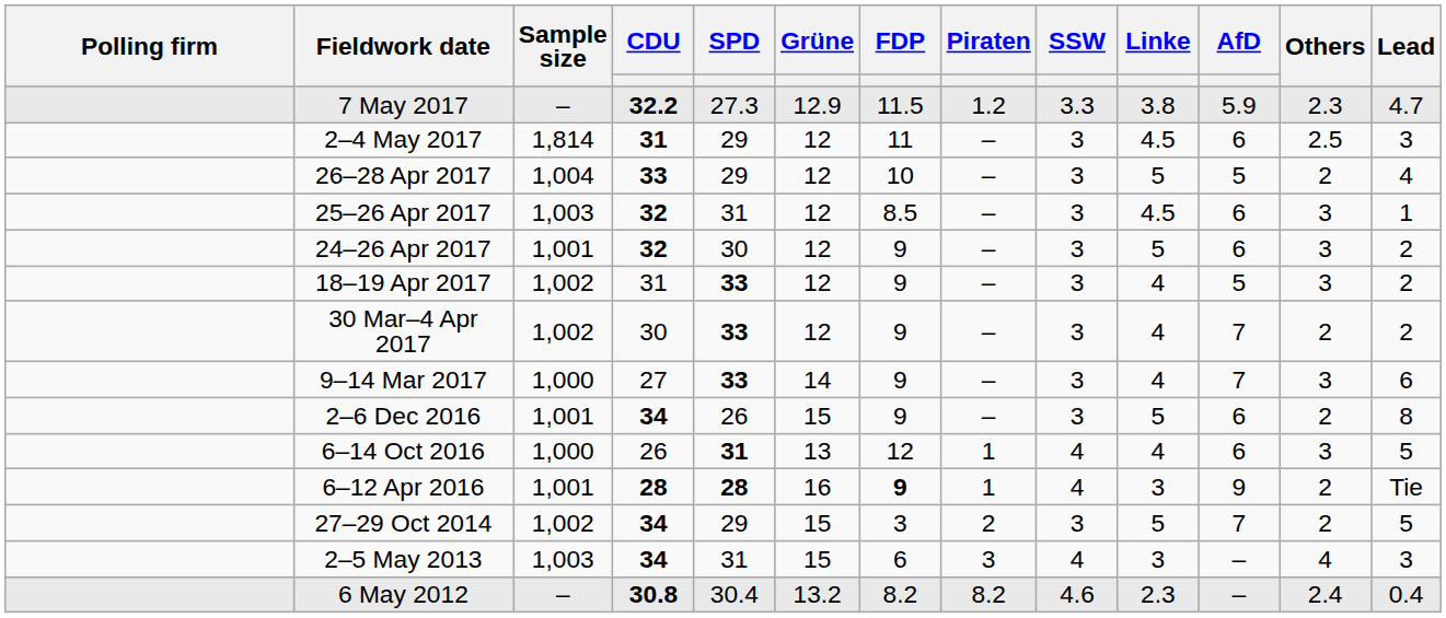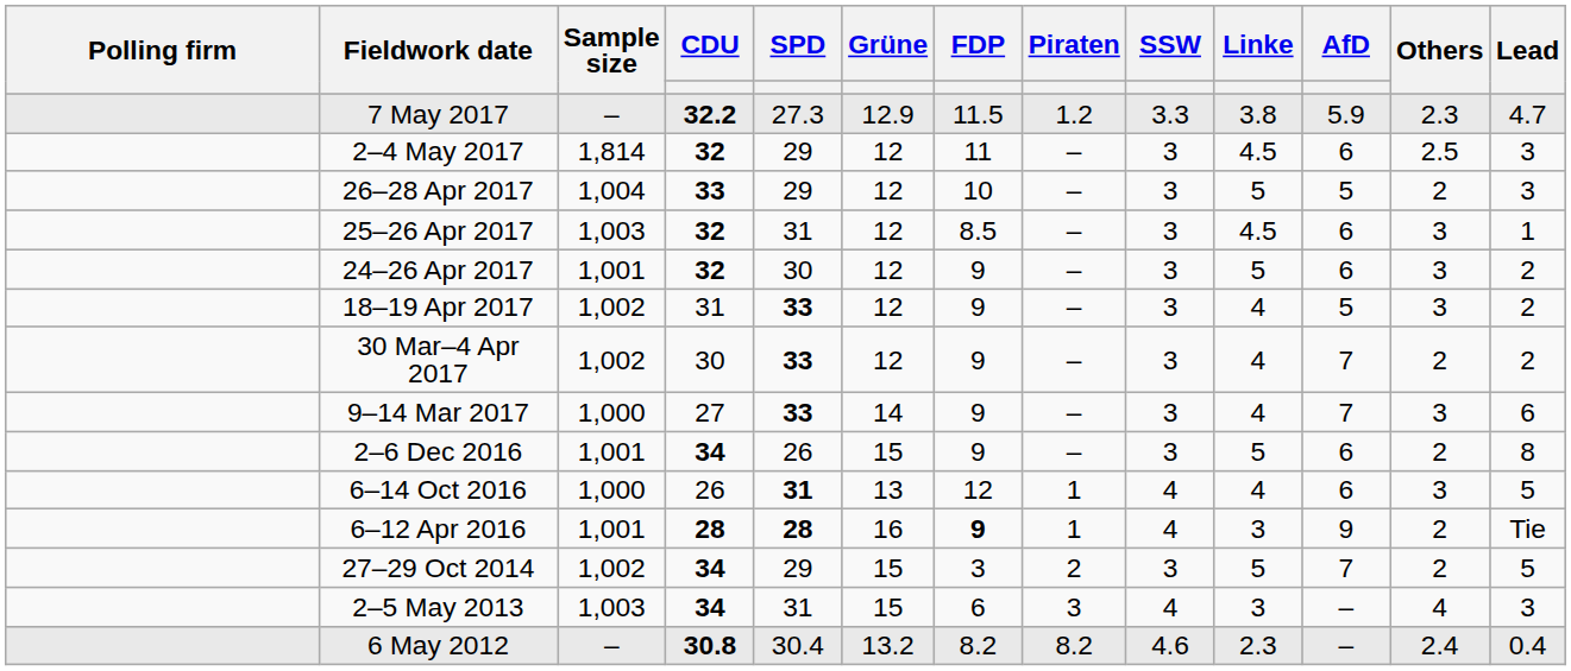 <table class="wikitable sortable" style="text-align:center;font-size:90%;line-height:14px;">
 <tr style="height:40px;">
 <th style="width:160px;" rowspan="2">Polling firm</th>
 <th style="width:120px;" rowspan="2">Fieldwork date</th>
 <th style="width:35px;" rowspan="2">Sample<br>size</th>
 <th class="unsortable" style="width:40px;"><a href='#'>CDU</a></th>
 <th class="unsortable" style="width:40px;"><a href='#'>SPD</a></th>
 <th class="unsortable" style="width:40px;"><a href='#'>Grüne</a></th>
 <th class="unsortable" style="width:40px;"><a href='#'>FDP</a></th>
 <th class="unsortable" style="width:40px;"><a href='#'>Piraten</a></th>
 <th class="unsortable" style="width:40px;"><a href='#'>SSW</a></th>
 <th class="unsortable" style="width:40px;"><a href='#'>Linke</a></th>
 <th class="unsortable" style="width:40px;"><a href='#'>AfD</a></th>
 <th class="unsortable" style="width:40px;" rowspan="2">Others</th>
 <th style="width:30px;" rowspan="2">Lead</th>
 </tr>
 <tr>
 <th style="background:"></th>
 <th style="background:"></th>
 <th style="background:"></th>
 <th style="background:"></th>
 <th style="background:"></th>
 <th style="background:"></th>
 <th style="background:"></th>
 <th style="background:"></th>
 </tr>
 <tr style="background:#E9E9E9;">
 <td></td>
 <td data-sort-value="2017-05-07">7 May 2017</td>
 <td>–</td>
 <td><strong>32.2</strong></td>
 <td>27.3</td>
 <td>12.9</td>
 <td>11.5</td>
 <td>1.2</td>
 <td>3.3</td>
 <td>3.8</td>
 <td>5.9</td>
 <td>2.3</td>
 <td style="background:">4.7</td>
 </tr>
 <tr>
 <td></td>
 <td data-sort-value="2017-05-04">2–4 May 2017</td>
 <td>1,814</td>
-<td><strong>31</strong></td>
+<td><strong>32</strong></td>
 <td>29</td>
 <td>12</td>
 <td>11</td>
 <td>–</td>
 <td>3</td>
 <td>4.5</td>
 <td>6</td>
 <td>2.5</td>
 <td style="background:">3</td>
 </tr>
 <tr>
 <td></td>
 <td data-sort-value="2017-04-29">26–28 Apr 2017</td>
 <td>1,004</td>
 <td><strong>33</strong></td>
 <td>29</td>
 <td>12</td>
 <td>10</td>
 <td>–</td>
 <td>3</td>
 <td>5</td>
 <td>5</td>
 <td>2</td>
-<td style="background:">4</td>
+<td style="background:">3</td>
 </tr>
 <tr>
 <td></td>
 <td data-sort-value="2017-04-27">25–26 Apr 2017</td>
 <td>1,003</td>
 <td><strong>32</strong></td>
 <td>31</td>
 <td>12</td>
 <td>8.5</td>
 <td>–</td>
 <td>3</td>
 <td>4.5</td>
 <td>6</td>
 <td>3</td>
 <td style="background:">1</td>
 </tr>
 <tr>
 <td></td>
 <td data-sort-value="2017-04-27">24–26 Apr 2017</td>
 <td>1,001</td>
 <td><strong>32</strong></td>
 <td>30</td>
 <td>12</td>
 <td>9</td>
 <td>–</td>
 <td>3</td>
 <td>5</td>
 <td>6</td>
 <td>3</td>
 <td style="background:">2</td>
 </tr>
 <tr>
 <td></td>
 <td data-sort-value="2017-04-20">18–19 Apr 2017</td>
 <td>1,002</td>
 <td>31</td>
 <td><strong>33</strong></td>
 <td>12</td>
 <td>9</td>
 <td>–</td>
 <td>3</td>
 <td>4</td>
 <td>5</td>
 <td>3</td>
 <td style="background:">2</td>
 </tr>
 <tr>
 <td></td>
 <td data-sort-value="2017-04-06">30 Mar–4 Apr 2017</td>
 <td>1,002</td>
 <td>30</td>
 <td><strong>33</strong></td>
 <td>12</td>
 <td>9</td>
 <td>–</td>
 <td>3</td>
 <td>4</td>
 <td>7</td>
 <td>2</td>
 <td style="background:">2</td>
 </tr>
 <tr>
 <td></td>
 <td data-sort-value="2017-03-16">9–14 Mar 2017</td>
 <td>1,000</td>
 <td>27</td>
 <td><strong>33</strong></td>
 <td>14</td>
 <td>9</td>
 <td>–</td>
 <td>3</td>
 <td>4</td>
 <td>7</td>
 <td>3</td>
 <td style="background:">6</td>
 </tr>
 <tr>
 <td></td>
 <td data-sort-value="2016-12-09">2–6 Dec 2016</td>
 <td>1,001</td>
 <td><strong>34</strong></td>
 <td>26</td>
 <td>15</td>
 <td>9</td>
 <td>–</td>
 <td>3</td>
 <td>5</td>
 <td>6</td>
 <td>2</td>
 <td style="background:">8</td>
 </tr>
 <tr>
 <td></td>
 <td data-sort-value="2016-10-19">6–14 Oct 2016</td>
 <td>1,000</td>
 <td>26</td>
 <td><strong>31</strong></td>
 <td>13</td>
 <td>12</td>
 <td>1</td>
 <td>4</td>
 <td>4</td>
 <td>6</td>
 <td>3</td>
 <td style="background:">5</td>
 </tr>
 <tr>
 <td></td>
 <td data-sort-value="2016-04-16">6–12 Apr 2016</td>
 <td>1,001</td>
 <td><strong>28</strong></td>
 <td><strong>28</strong></td>
 <td>16</td>
 <td><strong>9</strong></td>
 <td>1</td>
 <td>4</td>
 <td>3</td>
 <td>9</td>
 <td>2</td>
 <td data-sort-value="0">Tie</td>
 </tr>
 <tr>
 <td></td>
 <td data-sort-value="2014-10-31">27–29 Oct 2014</td>
 <td>1,002</td>
 <td><strong>34</strong></td>
 <td>29</td>
 <td>15</td>
 <td>3</td>
 <td>2</td>
 <td>3</td>
 <td>5</td>
 <td>7</td>
 <td>2</td>
 <td style="background:">5</td>
 </tr>
 <tr>
 <td></td>
 <td data-sort-value="2013-05-07">2–5 May 2013</td>
 <td>1,003</td>
 <td><strong>34</strong></td>
 <td>31</td>
 <td>15</td>
 <td>6</td>
 <td>3</td>
 <td>4</td>
 <td>3</td>
 <td>–</td>
 <td>4</td>
 <td style="background:">3</td>
 </tr>
 <tr style="background:#E9E9E9;">
 <td></td>
 <td data-sort-value="2012-05-06">6 May 2012</td>
 <td>–</td>
 <td><strong>30.8</strong></td>
 <td>30.4</td>
 <td>13.2</td>
 <td>8.2</td>
 <td>8.2</td>
 <td>4.6</td>
 <td>2.3</td>
 <td>–</td>
 <td>2.4</td>
 <td style="background:">0.4</td>
 </tr>
 </table>
